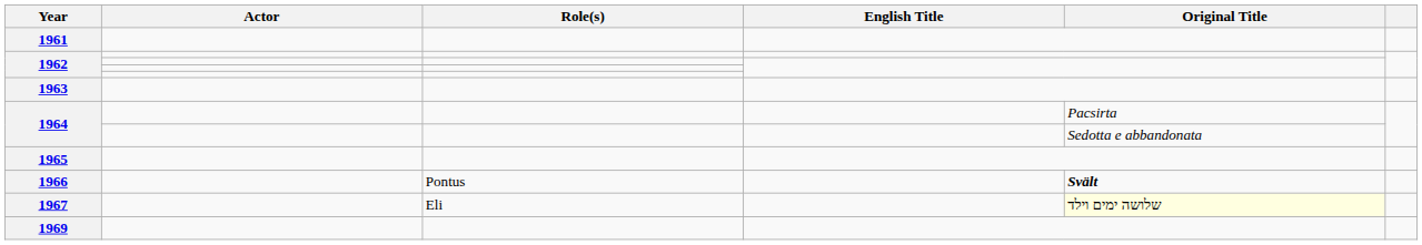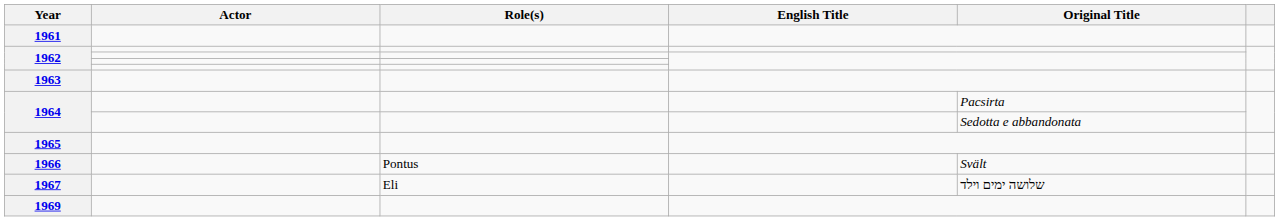 <table class="wikitable unsortable">
 <tr>
 <th scope="col" style="width:3%;">Year</th>
 <th scope="col" style="width:10%;">Actor</th>
 <th scope="col" style="width:10%;">Role(s)</th>
 <th scope="col" style="width:10%;">English Title</th>
 <th scope="col" style="width:10%;">Original Title</th>
 <th scope="col" style="width:1%;" class="unsortable"></th>
 </tr>
 <tr>
 <th style="text-align:center;"><a href='#'>1961</a></th>
 <td></td>
 <td></td>
 <td colspan="2"></td>
 <td style="text-align:center;"></td>
 </tr>
 <tr>
 <th rowspan="4" style="text-align:center;"><a href='#'>1962</a> </th>
 <td></td>
 <td></td>
 <td colspan="2"></td>
 <td rowspan="4" style="text-align:center;"><br></td>
 </tr>
 <tr>
 <td></td>
 <td></td>
 <td rowspan="3" colspan="2"></td>
 </tr>
 <tr>
 <td></td>
 <td></td>
 </tr>
 <tr>
 <td></td>
 <td></td>
 </tr>
 <tr>
 <th style="text-align:center;"><a href='#'>1963</a></th>
 <td></td>
 <td></td>
 <td colspan="2"></td>
 <td style="text-align:center;"></td>
 </tr>
 <tr>
 <th rowspan="2" style="text-align:center;"><a href='#'>1964</a></th>
 <td></td>
 <td></td>
 <td></td>
 <td><em>Pacsirta</em></td>
 <td rowspan="2" style="text-align:center;"></td>
 </tr>
 <tr>
 <td></td>
 <td></td>
 <td></td>
 <td><em>Sedotta e abbandonata</em></td>
 </tr>
 <tr>
 <th style="text-align:center;"><a href='#'>1965</a></th>
 <td></td>
 <td></td>
 <td colspan="2"></td>
 <td style="text-align:center;"></td>
 </tr>
 <tr>
 <th style="text-align:center;"><a href='#'>1966</a></th>
 <td></td>
 <td>Pontus</td>
 <td></td>
-<td><strong><em>Svält</em></strong></td>
+<td><em>Svält</em></td>
 <td style="text-align:center;"></td>
 </tr>
 <tr>
 <th style="text-align:center;"><a href='#'>1967</a></th>
 <td></td>
 <td>Eli</td>
 <td></td>
-<td style="background: lightyellow;">שלושה ימים וילד</td>
+<td>שלושה ימים וילד</td>
 <td style="text-align:center;"></td>
 </tr>
 <tr>
 <th style="text-align:center;"><a href='#'>1969</a></th>
 <td></td>
 <td></td>
 <td colspan="2"></td>
 <td style="text-align:center;"></td>
 </tr>
 </table>
